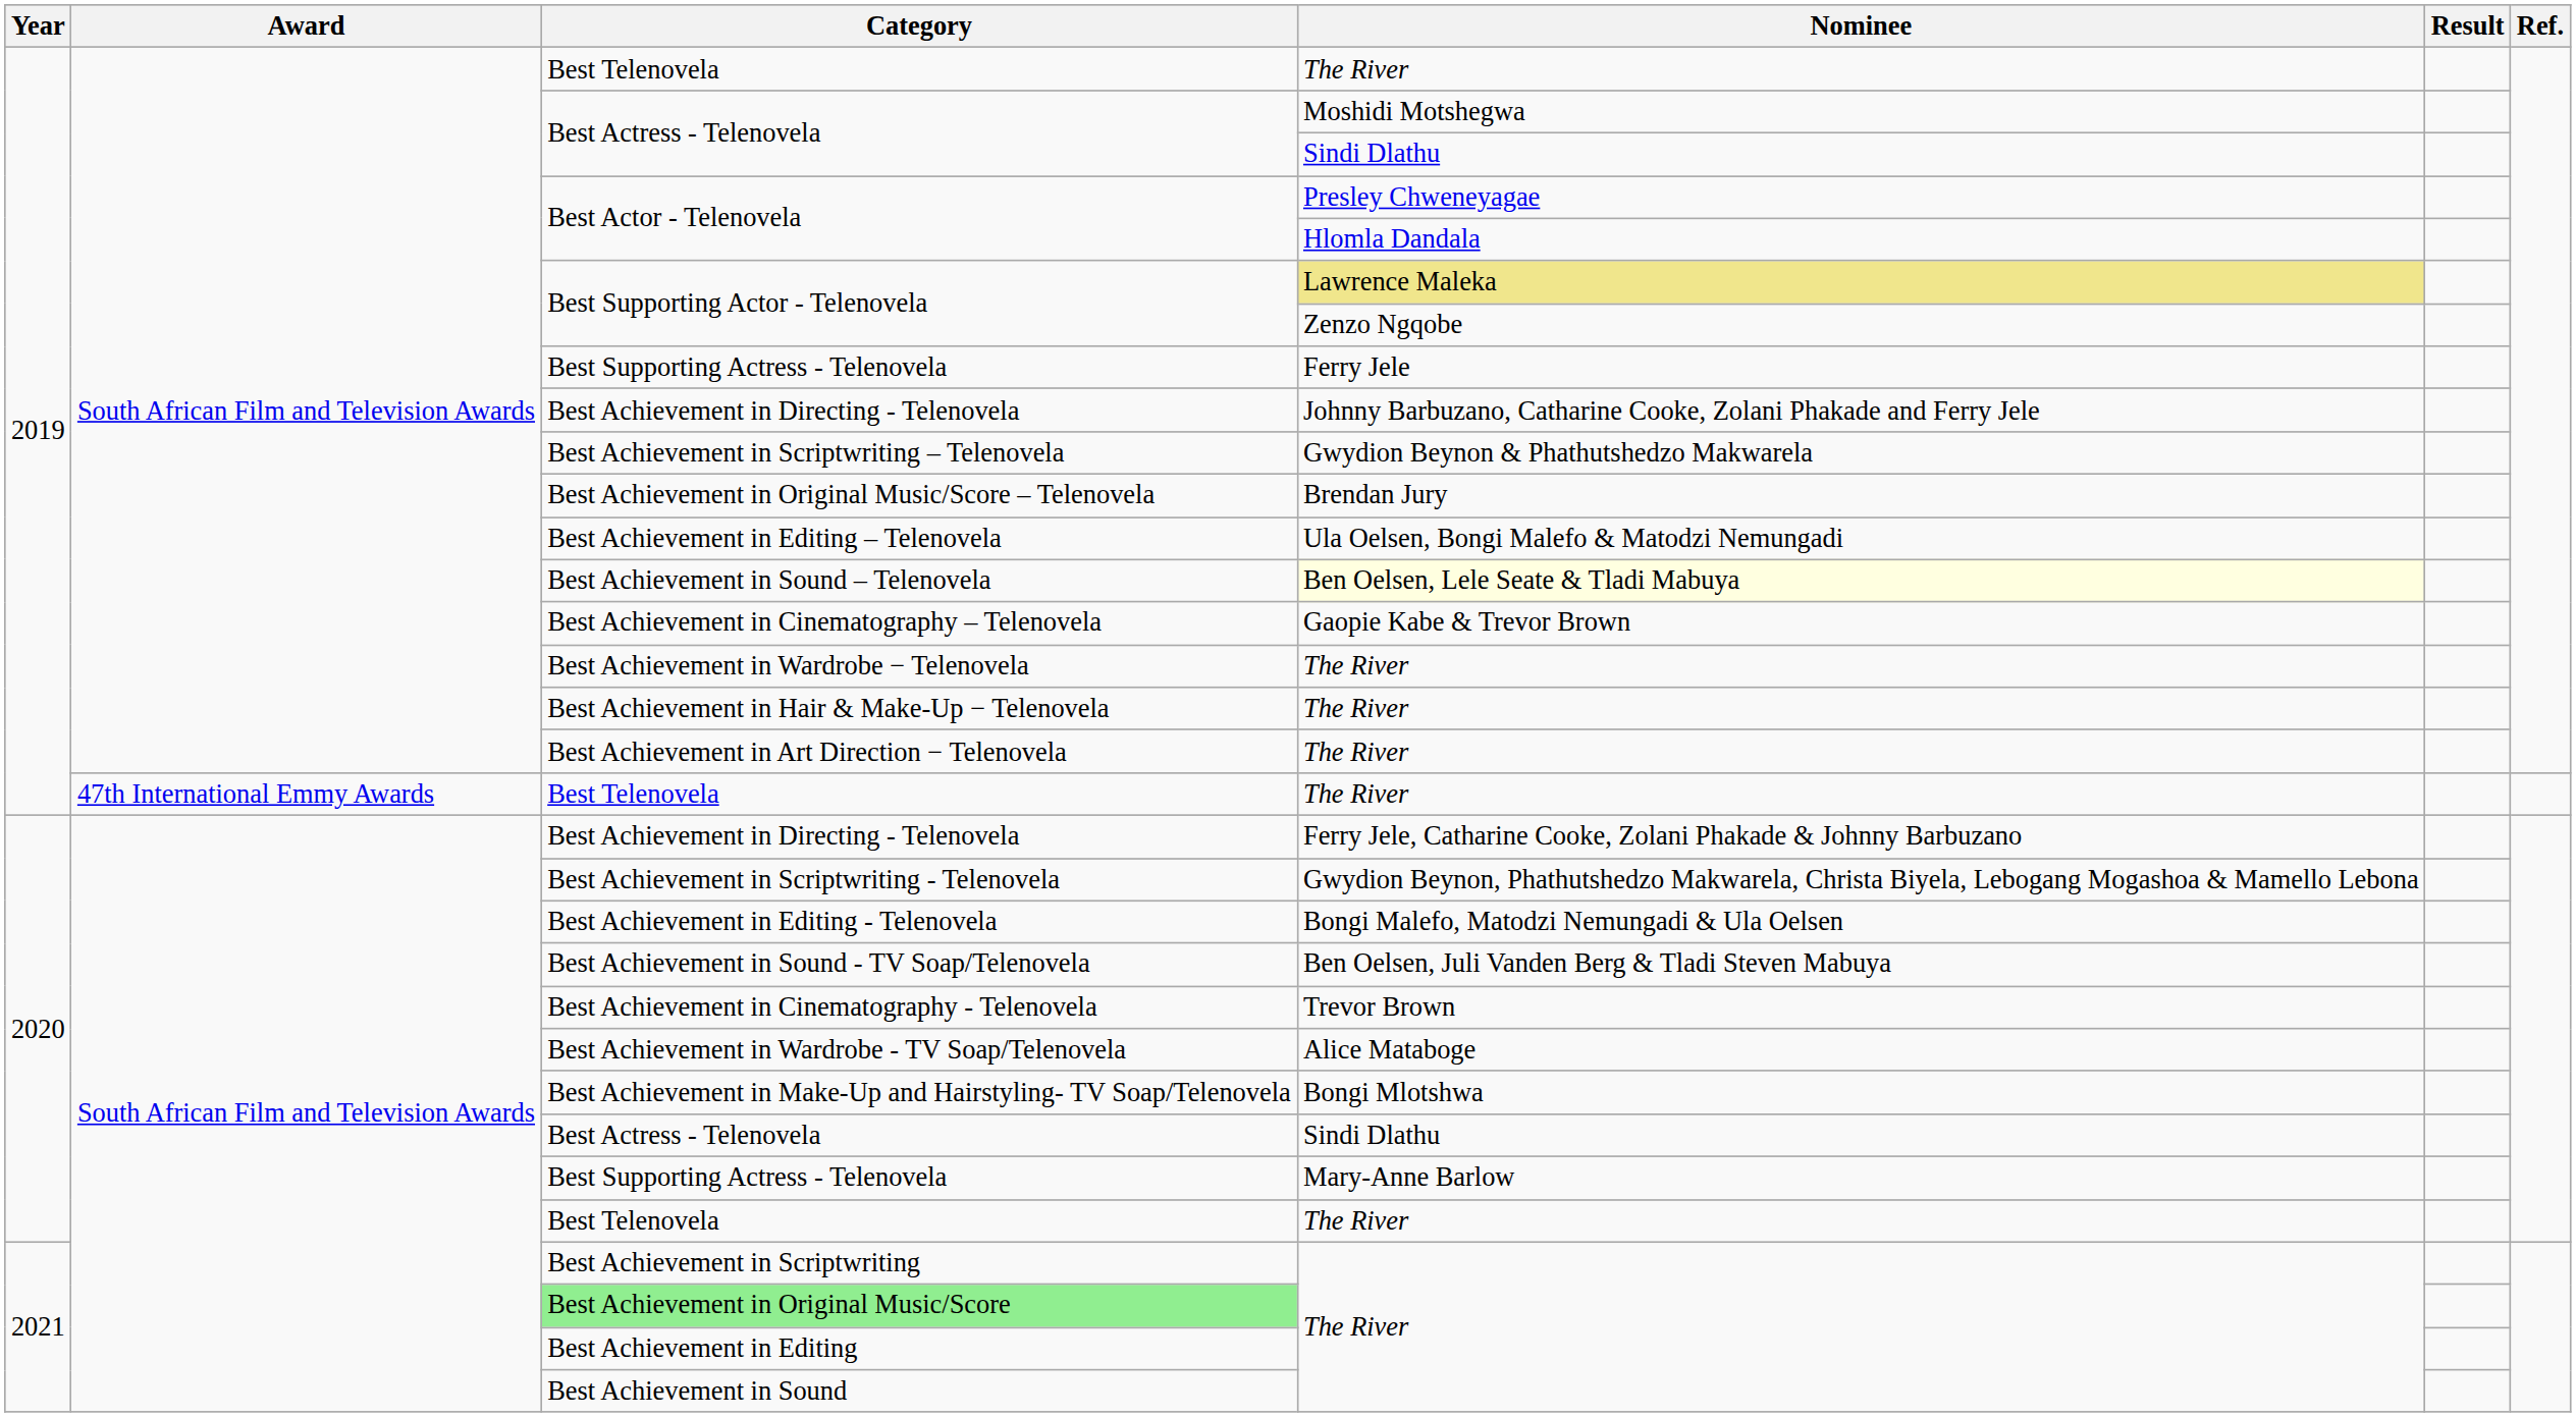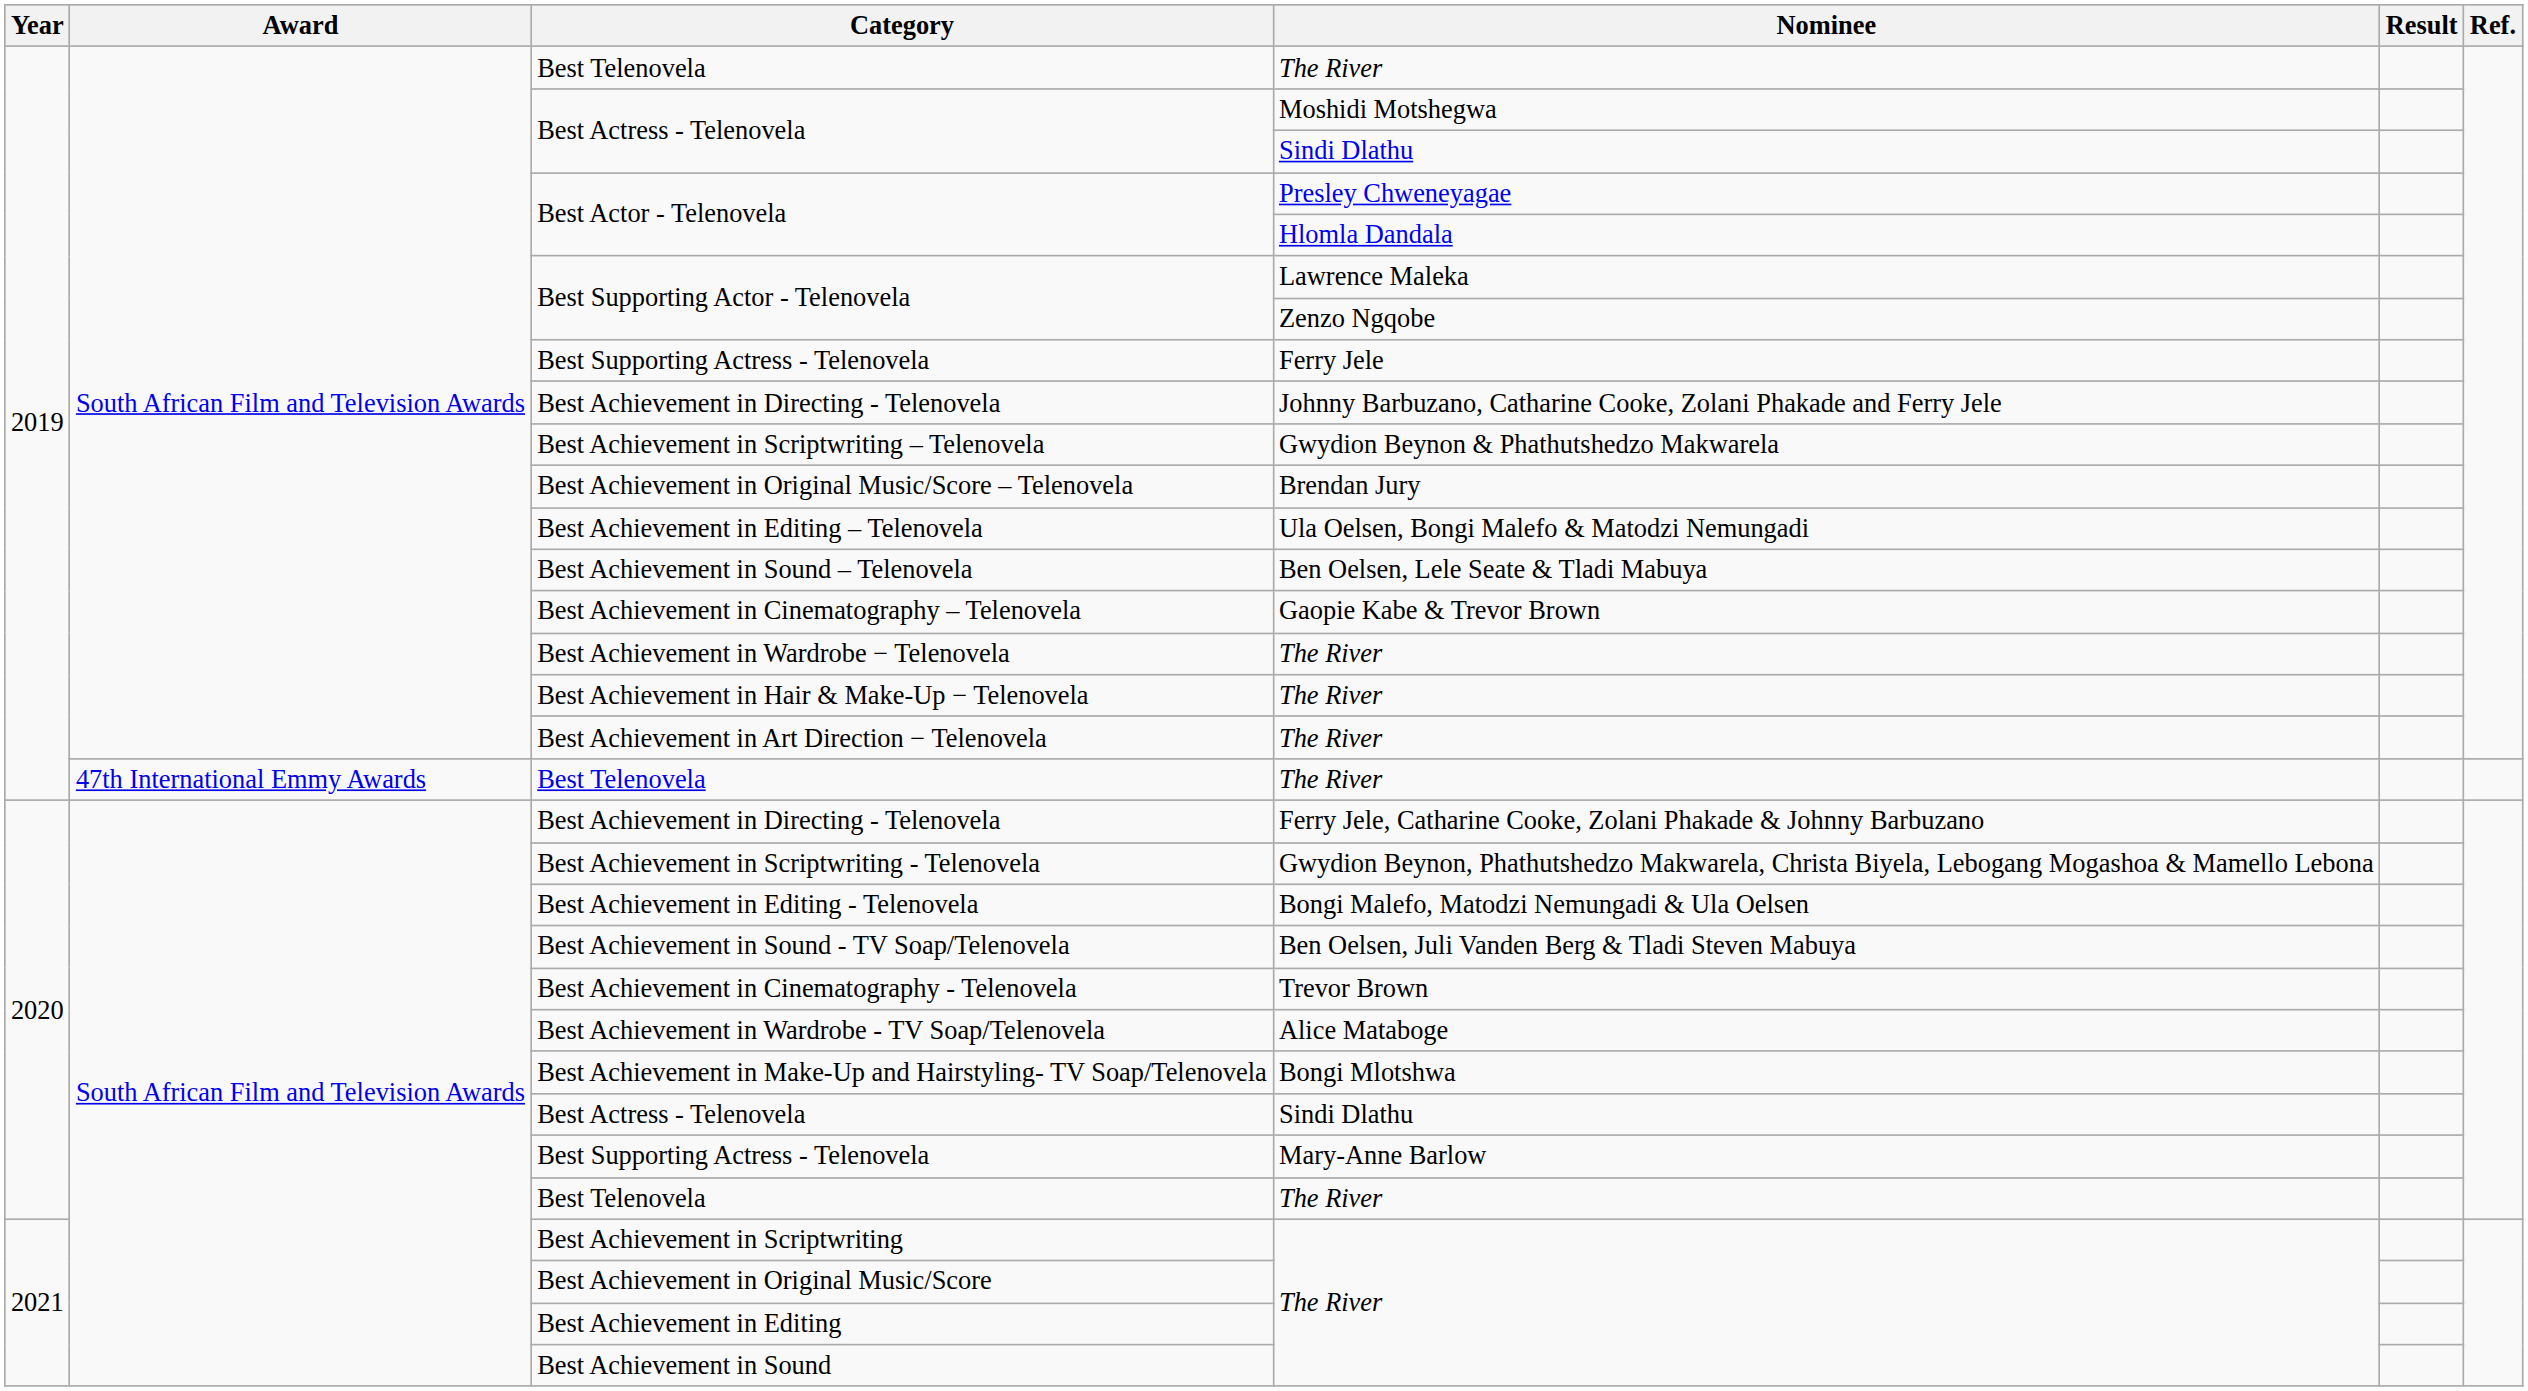 <table class="wikitable sortable">
 <tr>
 <th>Year</th>
 <th>Award</th>
 <th>Category</th>
 <th>Nominee</th>
 <th>Result</th>
 <th>Ref.</th>
 </tr>
 <tr>
 <td rowspan="18">2019</td>
 <td rowspan="17"><a href='#'>South African Film and Television Awards</a></td>
 <td>Best Telenovela</td>
 <td><em>The River</em></td>
 <td></td>
 <td rowspan="17"></td>
 </tr>
 <tr>
 <td rowspan="2">Best Actress - Telenovela</td>
 <td>Moshidi Motshegwa</td>
 <td></td>
 </tr>
 <tr>
 <td><a href='#'>Sindi Dlathu</a></td>
 <td></td>
 </tr>
 <tr>
 <td rowspan="2">Best Actor - Telenovela</td>
 <td><a href='#'>Presley Chweneyagae</a></td>
 <td></td>
 </tr>
 <tr>
 <td><a href='#'>Hlomla Dandala</a></td>
 <td></td>
 </tr>
 <tr>
 <td rowspan="2">Best Supporting Actor - Telenovela</td>
-<td style="background: khaki;">Lawrence Maleka</td>
+<td>Lawrence Maleka</td>
 <td></td>
 </tr>
 <tr>
 <td>Zenzo Ngqobe</td>
 <td></td>
 </tr>
 <tr>
 <td>Best Supporting Actress - Telenovela</td>
 <td>Ferry Jele</td>
 <td></td>
 </tr>
 <tr>
 <td>Best Achievement in Directing - Telenovela</td>
 <td>Johnny Barbuzano, Catharine Cooke, Zolani Phakade and Ferry Jele</td>
 <td></td>
 </tr>
 <tr>
 <td>Best Achievement in Scriptwriting – Telenovela</td>
 <td>Gwydion Beynon & Phathutshedzo Makwarela</td>
 <td></td>
 </tr>
 <tr>
 <td>Best Achievement in Original Music/Score – Telenovela</td>
 <td>Brendan Jury</td>
 <td></td>
 </tr>
 <tr>
 <td>Best Achievement in Editing – Telenovela</td>
 <td>Ula Oelsen, Bongi Malefo & Matodzi Nemungadi</td>
 <td></td>
 </tr>
 <tr>
 <td>Best Achievement in Sound – Telenovela</td>
-<td style="background: lightyellow;">Ben Oelsen, Lele Seate & Tladi Mabuya</td>
+<td>Ben Oelsen, Lele Seate & Tladi Mabuya</td>
 <td></td>
 </tr>
 <tr>
 <td>Best Achievement in Cinematography – Telenovela</td>
 <td>Gaopie Kabe & Trevor Brown</td>
 <td></td>
 </tr>
 <tr>
 <td>Best Achievement in Wardrobe − Telenovela</td>
 <td><em>The River</em></td>
 <td></td>
 </tr>
 <tr>
 <td>Best Achievement in Hair & Make-Up − Telenovela</td>
 <td><em>The River</em></td>
 <td></td>
 </tr>
 <tr>
 <td>Best Achievement in Art Direction − Telenovela</td>
 <td><em>The River</em></td>
 <td></td>
 </tr>
 <tr>
 <td><a href='#'>47th International Emmy Awards</a></td>
 <td><a href='#'>Best Telenovela</a></td>
 <td><em>The River</em></td>
 <td></td>
 <td></td>
 </tr>
 <tr>
 <td rowspan="10">2020</td>
 <td rowspan="17"><a href='#'>South African Film and Television Awards</a></td>
 <td>Best Achievement in Directing - Telenovela</td>
 <td>Ferry Jele, Catharine Cooke, Zolani Phakade & Johnny Barbuzano</td>
 <td></td>
 <td rowspan="10"></td>
 </tr>
 <tr>
 <td>Best Achievement in Scriptwriting - Telenovela</td>
 <td>Gwydion Beynon, Phathutshedzo Makwarela, Christa Biyela, Lebogang Mogashoa & Mamello Lebona</td>
 <td></td>
 </tr>
 <tr>
 <td>Best Achievement in Editing - Telenovela</td>
 <td>Bongi Malefo, Matodzi Nemungadi & Ula Oelsen</td>
 <td></td>
 </tr>
 <tr>
 <td>Best Achievement in Sound - TV Soap/Telenovela</td>
 <td>Ben Oelsen, Juli Vanden Berg & Tladi Steven Mabuya</td>
 <td></td>
 </tr>
 <tr>
 <td>Best Achievement in Cinematography - Telenovela</td>
 <td>Trevor Brown</td>
 <td></td>
 </tr>
 <tr>
 <td>Best Achievement in Wardrobe - TV Soap/Telenovela</td>
 <td>Alice Mataboge</td>
 <td></td>
 </tr>
 <tr>
 <td>Best Achievement in Make-Up and Hairstyling- TV Soap/Telenovela</td>
 <td>Bongi Mlotshwa</td>
 <td></td>
 </tr>
 <tr>
 <td>Best Actress - Telenovela</td>
 <td>Sindi Dlathu</td>
 <td></td>
 </tr>
 <tr>
 <td>Best Supporting Actress - Telenovela</td>
 <td>Mary-Anne Barlow</td>
 <td></td>
 </tr>
 <tr>
 <td>Best Telenovela</td>
 <td><em>The River</em></td>
 <td></td>
 </tr>
 <tr>
 <td rowspan="4">2021</td>
 <td>Best Achievement in Scriptwriting</td>
 <td rowspan="4"><em>The River</em></td>
 <td></td>
 <td rowspan="4"></td>
 </tr>
 <tr>
-<td style="background: lightgreen;">Best Achievement in Original Music/Score</td>
+<td>Best Achievement in Original Music/Score</td>
 <td></td>
 </tr>
 <tr>
 <td>Best Achievement in Editing</td>
 <td></td>
 </tr>
 <tr>
 <td>Best Achievement in Sound</td>
 <td></td>
 </tr>
 </table>
